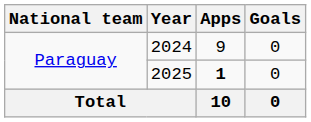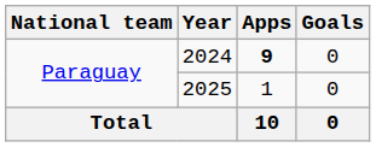 <table class="wikitable" style="text-align:center">
 <tr>
 <th>National team</th>
 <th>Year</th>
 <th>Apps</th>
 <th>Goals</th>
 </tr>
 <tr>
 <td rowspan="2"><a href='#'>Paraguay</a></td>
 <td>2024</td>
-<td>9</td>
+<td><strong>9</strong></td>
 <td>0</td>
 </tr>
 <tr>
 <td>2025</td>
-<td><strong>1</strong></td>
+<td>1</td>
 <td>0</td>
 </tr>
 <tr>
 <th colspan="2">Total</th>
 <th>10</th>
 <th>0</th>
 </tr>
 </table>
